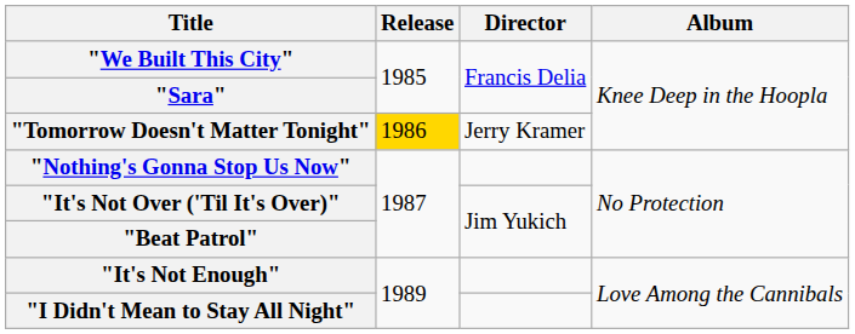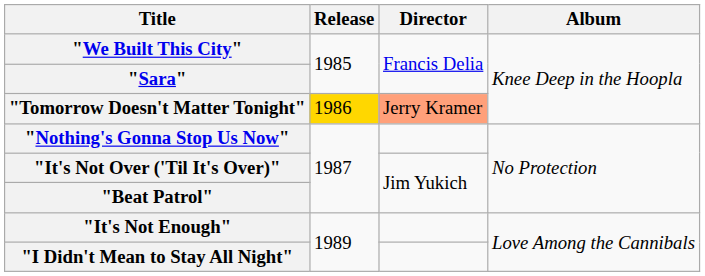 <table class="wikitable plainrowheaders">
 <tr>
 <th>Title</th>
 <th>Release</th>
 <th>Director</th>
 <th>Album</th>
 </tr>
 <tr>
 <th scope="row">"<a href='#'>We Built This City</a>"</th>
 <td rowspan="2">1985</td>
 <td rowspan="2"><a href='#'>Francis Delia</a></td>
 <td rowspan="3"><em>Knee Deep in the Hoopla</em></td>
 </tr>
 <tr>
 <th scope="row">"<a href='#'>Sara</a>"</th>
 </tr>
 <tr>
 <th scope="row">"Tomorrow Doesn't Matter Tonight"</th>
 <td style="background: gold;">1986</td>
-<td>Jerry Kramer</td>
+<td style="background: lightsalmon;">Jerry Kramer</td>
 </tr>
 <tr>
 <th scope="row">"<a href='#'>Nothing's Gonna Stop Us Now</a>"</th>
 <td rowspan="3">1987</td>
 <td></td>
 <td rowspan="3"><em>No Protection</em></td>
 </tr>
 <tr>
 <th scope="row">"It's Not Over ('Til It's Over)"</th>
 <td rowspan="2">Jim Yukich</td>
 </tr>
 <tr>
 <th scope="row">"Beat Patrol"</th>
 </tr>
 <tr>
 <th scope="row">"It's Not Enough"</th>
 <td rowspan="2">1989</td>
 <td></td>
 <td rowspan="2"><em>Love Among the Cannibals</em></td>
 </tr>
 <tr>
 <th scope="row">"I Didn't Mean to Stay All Night"</th>
 <td></td>
 </tr>
 </table>
